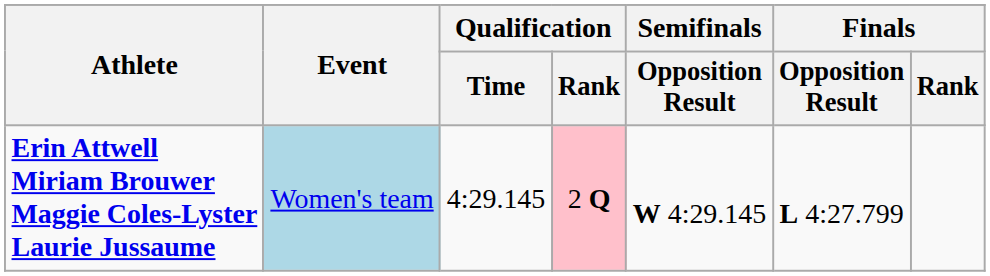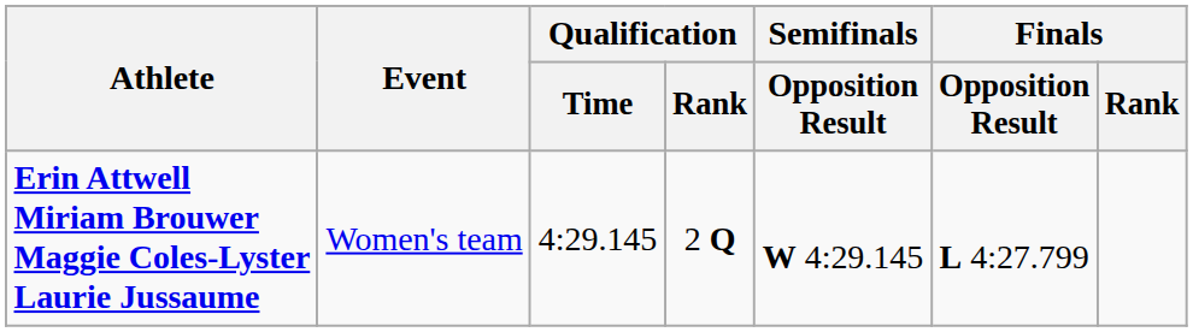 <table class=wikitable style="font-size:90%;">
 <tr>
 <th rowspan=2>Athlete</th>
 <th rowspan=2>Event</th>
 <th colspan=2>Qualification</th>
 <th>Semifinals</th>
 <th colspan=2>Finals</th>
 </tr>
 <tr style="font-size:95%">
 <th>Time</th>
 <th>Rank</th>
 <th>Opposition<br>Result</th>
 <th>Opposition<br>Result</th>
 <th>Rank</th>
 </tr>
 <tr align=center>
 <td align=left><strong><a href='#'>Erin Attwell</a><br><a href='#'>Miriam Brouwer</a><br><a href='#'>Maggie Coles-Lyster</a><br><a href='#'>Laurie Jussaume</a></strong></td>
-<td align=left style="background: lightblue;"><a href='#'>Women's team</a></td>
+<td align=left><a href='#'>Women's team</a></td>
 <td>4:29.145</td>
-<td style="background: pink;">2 <strong>Q</strong></td>
+<td>2 <strong>Q</strong></td>
 <td><br><strong>W</strong> 4:29.145</td>
 <td><br><strong>L</strong> 4:27.799</td>
 <td></td>
 </tr>
 </table>
